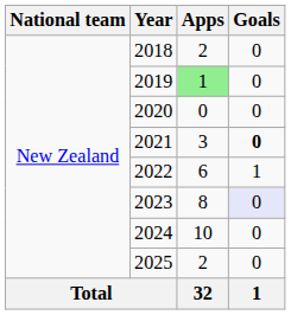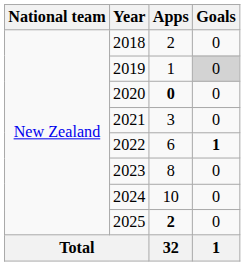 <table class="wikitable" style="text-align:center">
 <tr>
 <th>National team</th>
 <th>Year</th>
 <th>Apps</th>
 <th>Goals</th>
 </tr>
 <tr>
 <td rowspan="8"><a href='#'>New Zealand</a></td>
 <td>2018</td>
 <td>2</td>
 <td>0</td>
 </tr>
 <tr>
 <td>2019</td>
-<td style="background: lightgreen;">1</td>
-<td>0</td>
+<td>1</td>
+<td style="background: lightgrey;">0</td>
 </tr>
 <tr>
 <td>2020</td>
-<td>0</td>
+<td><strong>0</strong></td>
 <td>0</td>
 </tr>
 <tr>
 <td>2021</td>
 <td>3</td>
-<td><strong>0</strong></td>
+<td>0</td>
 </tr>
 <tr>
 <td>2022</td>
 <td>6</td>
-<td>1</td>
+<td><strong>1</strong></td>
 </tr>
 <tr>
 <td>2023</td>
 <td>8</td>
-<td style="background: lavender;">0</td>
+<td>0</td>
 </tr>
 <tr>
 <td>2024</td>
 <td>10</td>
 <td>0</td>
 </tr>
 <tr>
 <td>2025</td>
-<td>2</td>
+<td><strong>2</strong></td>
 <td>0</td>
 </tr>
 <tr>
 <th colspan="2">Total</th>
 <th>32</th>
 <th>1</th>
 </tr>
 </table>
